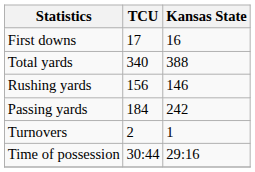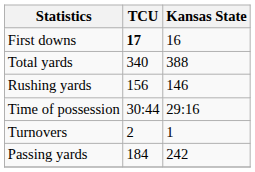 <table class="wikitable" style="float: left;">
 <tr>
 <th>Statistics</th>
 <th>TCU</th>
 <th>Kansas State</th>
 </tr>
 <tr>
 <td>First downs</td>
-<td>17</td>
+<td><strong>17</strong></td>
 <td>16</td>
 </tr>
 <tr>
 <td>Total yards</td>
 <td>340</td>
 <td>388</td>
 </tr>
 <tr>
 <td>Rushing yards</td>
 <td>156</td>
 <td>146</td>
 </tr>
 <tr>
-<td>Passing yards</td>
-<td>184</td>
-<td>242</td>
+<td>Time of possession</td>
+<td>30:44</td>
+<td>29:16</td>
 </tr>
 <tr>
 <td>Turnovers</td>
 <td>2</td>
 <td>1</td>
 </tr>
 <tr>
-<td>Time of possession</td>
-<td>30:44</td>
-<td>29:16</td>
+<td>Passing yards</td>
+<td>184</td>
+<td>242</td>
 </tr>
 <tr>
 </tr>
 </table>
